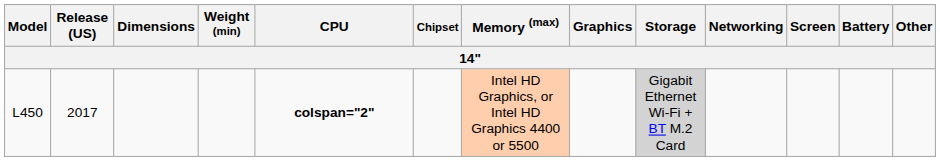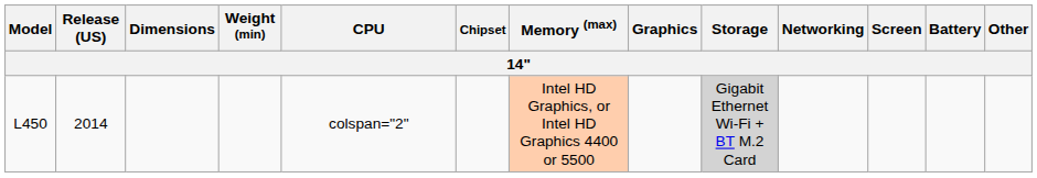 <table class="wikitable" style="font-size: 80%; text-align: center; min-width: 80%;">
 <tr>
 <th>Model</th>
 <th>Release (US)</th>
 <th>Dimensions</th>
 <th>Weight <sup>(min)</sup></th>
 <th style="width:17%">CPU</th>
 <th><small>Chipset</small></th>
 <th>Memory <sup>(max)</sup></th>
 <th>Graphics</th>
 <th>Storage</th>
 <th>Networking</th>
 <th>Screen</th>
 <th>Battery</th>
 <th>Other</th>
 </tr>
 <tr>
 <th colspan=13>14"</th>
 </tr>
 <tr>
 <td>L450</td>
-<td>2017</td>
+<td>2014</td>
 <td></td>
 <td></td>
-<td><strong>colspan="2" </strong></td>
+<td>colspan="2" </td>
 <td></td>
 <td style="background:#ffcead;">Intel HD Graphics, or Intel HD Graphics 4400 or 5500</td>
 <td></td>
 <td style="background: lightgrey;">Gigabit Ethernet<br>Wi-Fi + <a href='#'>BT</a> M.2 Card<br><small></small></td>
 <td></td>
 <td></td>
 <td></td>
 </tr>
 </table>
